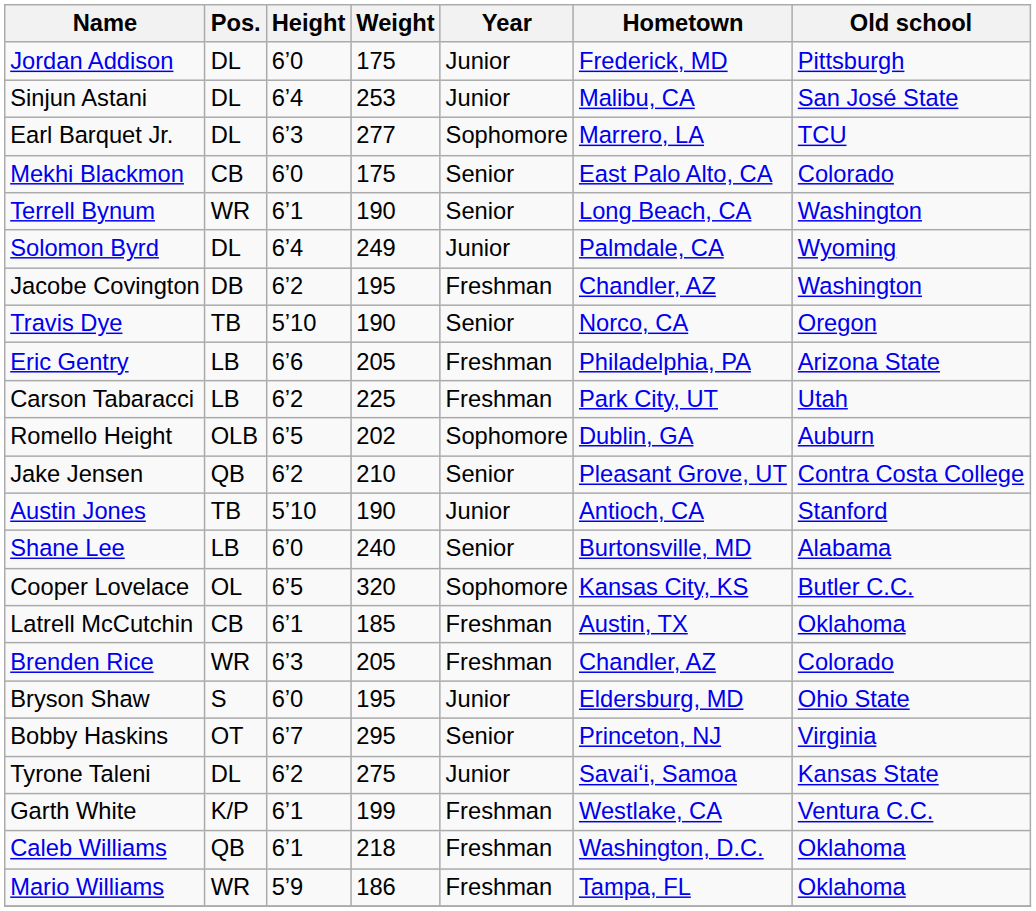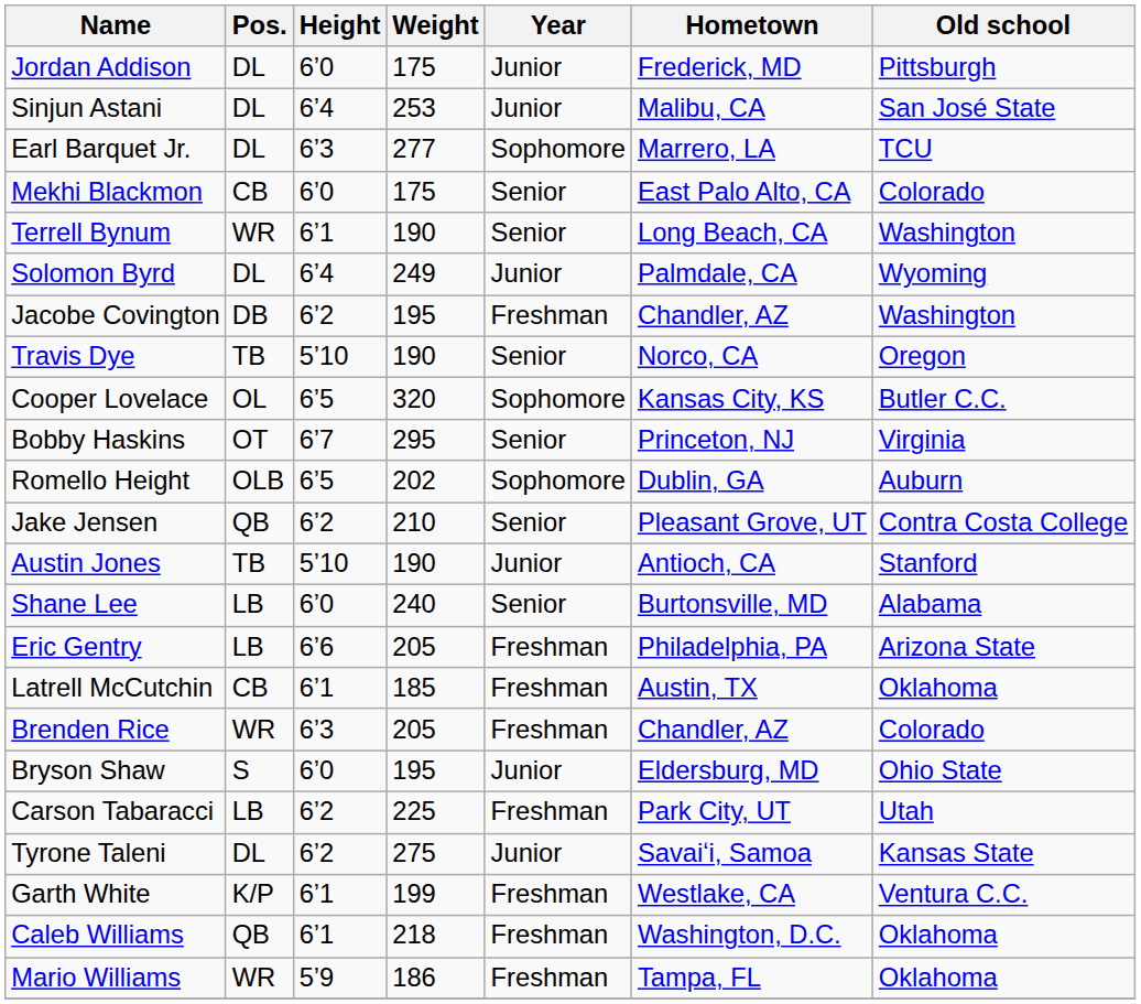 <table class="wikitable sortable">
 <tr>
 <th style="text-align:center; ">Name</th>
 <th style="text-align:center; ">Pos.</th>
 <th style="text-align:center; ">Height</th>
 <th style="text-align:center; ">Weight</th>
 <th style="text-align:center; ">Year</th>
 <th style="text-align:center; ">Hometown</th>
 <th style="text-align:center; ">Old school</th>
 </tr>
 <tr>
 <td><a href='#'>Jordan Addison</a></td>
 <td>DL</td>
 <td>6’0</td>
 <td>175</td>
 <td>Junior</td>
 <td><a href='#'>Frederick, MD</a></td>
 <td><a href='#'>Pittsburgh</a></td>
 </tr>
 <tr>
 <td>Sinjun Astani</td>
 <td>DL</td>
 <td>6’4</td>
 <td>253</td>
 <td>Junior</td>
 <td><a href='#'>Malibu, CA</a></td>
 <td><a href='#'>San José State</a></td>
 </tr>
 <tr>
 <td>Earl Barquet Jr.</td>
 <td>DL</td>
 <td>6’3</td>
 <td>277</td>
 <td> Sophomore</td>
 <td><a href='#'>Marrero, LA</a></td>
 <td><a href='#'>TCU</a></td>
 </tr>
 <tr>
 <td><a href='#'>Mekhi Blackmon</a></td>
 <td>CB</td>
 <td>6’0</td>
 <td>175</td>
 <td>Senior</td>
 <td><a href='#'>East Palo Alto, CA</a></td>
 <td><a href='#'>Colorado</a></td>
 </tr>
 <tr>
 <td><a href='#'>Terrell Bynum</a></td>
 <td>WR</td>
 <td>6’1</td>
 <td>190</td>
 <td>Senior</td>
 <td><a href='#'>Long Beach, CA</a></td>
 <td><a href='#'>Washington</a></td>
 </tr>
 <tr>
 <td><a href='#'>Solomon Byrd</a></td>
 <td>DL</td>
 <td>6’4</td>
 <td>249</td>
 <td>Junior</td>
 <td><a href='#'>Palmdale, CA</a></td>
 <td><a href='#'>Wyoming</a></td>
 </tr>
 <tr>
 <td>Jacobe Covington</td>
 <td>DB</td>
 <td>6’2</td>
 <td>195</td>
 <td> Freshman</td>
 <td><a href='#'>Chandler, AZ</a></td>
 <td><a href='#'>Washington</a></td>
 </tr>
 <tr>
 <td><a href='#'>Travis Dye</a></td>
 <td>TB</td>
 <td>5’10</td>
 <td>190</td>
 <td>Senior</td>
 <td><a href='#'>Norco, CA</a></td>
 <td><a href='#'>Oregon</a></td>
 </tr>
 <tr>
-<td><a href='#'>Eric Gentry</a></td>
-<td>LB</td>
-<td>6’6</td>
-<td>205</td>
-<td>Freshman</td>
-<td><a href='#'>Philadelphia, PA</a></td>
-<td><a href='#'>Arizona State</a></td>
+<td>Cooper Lovelace</td>
+<td>OL</td>
+<td>6’5</td>
+<td>320</td>
+<td> Sophomore</td>
+<td><a href='#'>Kansas City, KS</a></td>
+<td><a href='#'>Butler C.C.</a></td>
 </tr>
 <tr>
-<td>Carson Tabaracci</td>
-<td>LB</td>
-<td>6’2</td>
-<td>225</td>
-<td>Freshman</td>
-<td><a href='#'>Park City, UT</a></td>
-<td><a href='#'>Utah</a></td>
+<td>Bobby Haskins</td>
+<td>OT</td>
+<td>6’7</td>
+<td>295</td>
+<td>Senior</td>
+<td><a href='#'>Princeton, NJ</a></td>
+<td><a href='#'>Virginia</a></td>
 </tr>
 <tr>
 <td>Romello Height</td>
 <td>OLB</td>
 <td>6’5</td>
 <td>202</td>
 <td>Sophomore</td>
 <td><a href='#'>Dublin, GA</a></td>
 <td><a href='#'>Auburn</a></td>
 </tr>
 <tr>
 <td>Jake Jensen</td>
 <td>QB</td>
 <td>6’2</td>
 <td>210</td>
 <td>Senior</td>
 <td><a href='#'>Pleasant Grove, UT</a></td>
 <td><a href='#'>Contra Costa College</a></td>
 </tr>
 <tr>
 <td><a href='#'>Austin Jones</a></td>
 <td>TB</td>
 <td>5’10</td>
 <td>190</td>
 <td>Junior</td>
 <td><a href='#'>Antioch, CA</a></td>
 <td><a href='#'>Stanford</a></td>
 </tr>
 <tr>
 <td><a href='#'>Shane Lee</a></td>
 <td>LB</td>
 <td>6’0</td>
 <td>240</td>
 <td>Senior</td>
 <td><a href='#'>Burtonsville, MD</a></td>
 <td><a href='#'>Alabama</a></td>
 </tr>
 <tr>
-<td>Cooper Lovelace</td>
-<td>OL</td>
-<td>6’5</td>
-<td>320</td>
-<td> Sophomore</td>
-<td><a href='#'>Kansas City, KS</a></td>
-<td><a href='#'>Butler C.C.</a></td>
+<td><a href='#'>Eric Gentry</a></td>
+<td>LB</td>
+<td>6’6</td>
+<td>205</td>
+<td>Freshman</td>
+<td><a href='#'>Philadelphia, PA</a></td>
+<td><a href='#'>Arizona State</a></td>
 </tr>
 <tr>
 <td>Latrell McCutchin</td>
 <td>CB</td>
 <td>6’1</td>
 <td>185</td>
 <td>Freshman</td>
 <td><a href='#'>Austin, TX</a></td>
 <td><a href='#'>Oklahoma</a></td>
 </tr>
 <tr>
 <td><a href='#'>Brenden Rice</a></td>
 <td>WR</td>
 <td>6’3</td>
 <td>205</td>
 <td>Freshman</td>
 <td><a href='#'>Chandler, AZ</a></td>
 <td><a href='#'>Colorado</a></td>
 </tr>
 <tr>
 <td>Bryson Shaw</td>
 <td>S</td>
 <td>6’0</td>
 <td>195</td>
 <td> Junior</td>
 <td><a href='#'>Eldersburg, MD</a></td>
 <td><a href='#'>Ohio State</a></td>
 </tr>
 <tr>
-<td>Bobby Haskins</td>
-<td>OT</td>
-<td>6’7</td>
-<td>295</td>
-<td>Senior</td>
-<td><a href='#'>Princeton, NJ</a></td>
-<td><a href='#'>Virginia</a></td>
+<td>Carson Tabaracci</td>
+<td>LB</td>
+<td>6’2</td>
+<td>225</td>
+<td>Freshman</td>
+<td><a href='#'>Park City, UT</a></td>
+<td><a href='#'>Utah</a></td>
 </tr>
 <tr>
 <td>Tyrone Taleni</td>
 <td>DL</td>
 <td>6’2</td>
 <td>275</td>
 <td>Junior</td>
 <td><a href='#'>Savaiʻi, Samoa</a></td>
 <td><a href='#'>Kansas State</a></td>
 </tr>
 <tr>
 <td>Garth White</td>
 <td>K/P</td>
 <td>6’1</td>
 <td>199</td>
 <td>Freshman</td>
 <td><a href='#'>Westlake, CA</a></td>
 <td><a href='#'>Ventura C.C.</a></td>
 </tr>
 <tr>
 <td><a href='#'>Caleb Williams</a></td>
 <td>QB</td>
 <td>6’1</td>
 <td>218</td>
 <td>Freshman</td>
 <td><a href='#'>Washington, D.C.</a></td>
 <td><a href='#'>Oklahoma</a></td>
 </tr>
 <tr>
 <td><a href='#'>Mario Williams</a></td>
 <td>WR</td>
 <td>5’9</td>
 <td>186</td>
 <td>Freshman</td>
 <td><a href='#'>Tampa, FL</a></td>
 <td><a href='#'>Oklahoma</a></td>
 </tr>
 <tr>
 </tr>
 </table>
